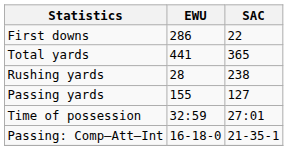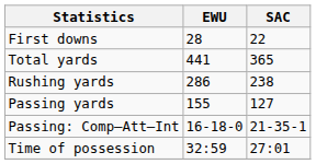 <table class="wikitable" style="float: left;">
 <tr>
 <th>Statistics</th>
 <th>EWU</th>
 <th>SAC</th>
 </tr>
 <tr>
 <td>First downs</td>
-<td>286</td>
+<td>28</td>
 <td>22</td>
 </tr>
 <tr>
 <td>Total yards</td>
 <td>441</td>
 <td>365</td>
 </tr>
 <tr>
 <td>Rushing yards</td>
-<td>28</td>
+<td>286</td>
 <td>238</td>
 </tr>
 <tr>
 <td>Passing yards</td>
 <td>155</td>
 <td>127</td>
 </tr>
 <tr>
+<td>Passing: Comp–Att–Int</td>
+<td>16-18-0</td>
+<td>21-35-1</td>
+</tr>
+<tr>
 <td>Time of possession</td>
 <td>32:59</td>
 <td>27:01</td>
 </tr>
 <tr>
-<td>Passing: Comp–Att–Int</td>
-<td>16-18-0</td>
-<td>21-35-1</td>
-</tr>
-<tr>
 </tr>
 </table>
